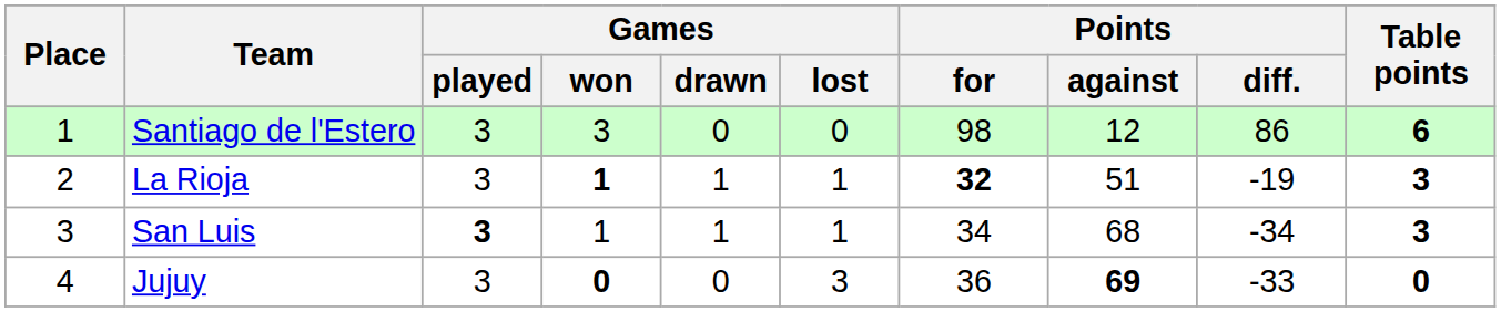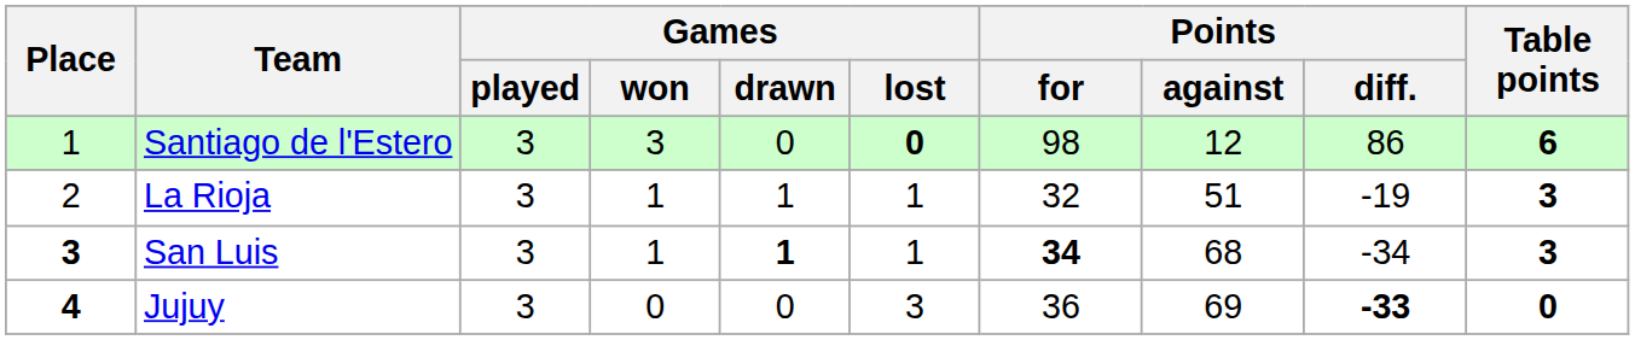 <table class="wikitable">
 <tr>
 <th rowspan=2 width="8%">Place</th>
 <th rowspan=2 width="20%">Team</th>
 <th colspan=4 width="32%">Games</th>
 <th colspan=3 width="30%">Points</th>
 <th rowspan=2 width="10%">Table<br>points</th>
 </tr>
 <tr>
 <th width="8%">played</th>
 <th width="8%">won</th>
 <th width="8%">drawn</th>
 <th width="8%">lost</th>
 <th width="10%">for</th>
 <th width="10%">against</th>
 <th width="10%">diff.</th>
 </tr>
 <tr align=center style="background: #ccffcc;">
 <td>1</td>
 <td align=left><a href='#'>Santiago de l'Estero</a></td>
 <td>3</td>
 <td>3</td>
 <td>0</td>
-<td>0</td>
+<td><strong>0</strong></td>
 <td>98</td>
 <td>12</td>
 <td>86</td>
 <td><strong>6</strong></td>
 </tr>
 <tr align=center style="background: #ffffff;">
 <td>2</td>
 <td align=left><a href='#'>La Rioja</a></td>
 <td>3</td>
-<td><strong>1</strong></td>
 <td>1</td>
 <td>1</td>
-<td><strong>32</strong></td>
+<td>1</td>
+<td>32</td>
 <td>51</td>
 <td>-19</td>
 <td><strong>3</strong></td>
 </tr>
 <tr align=center style="background: #ffffff;">
+<td><strong>3</strong></td>
+<td align=left><a href='#'>San Luis</a></td>
 <td>3</td>
-<td align=left><a href='#'>San Luis</a></td>
-<td><strong>3</strong></td>
 <td>1</td>
+<td><strong>1</strong></td>
 <td>1</td>
-<td>1</td>
-<td>34</td>
+<td><strong>34</strong></td>
 <td>68</td>
 <td>-34</td>
 <td><strong>3</strong></td>
 </tr>
 <tr align=center style="background: #ffffff;">
-<td>4</td>
+<td><strong>4</strong></td>
 <td align=left><a href='#'>Jujuy</a></td>
 <td>3</td>
-<td><strong>0</strong></td>
+<td>0</td>
 <td>0</td>
 <td>3</td>
 <td>36</td>
-<td><strong>69</strong></td>
-<td>-33</td>
+<td>69</td>
+<td><strong>-33</strong></td>
 <td><strong>0</strong></td>
 </tr>
 </table>
